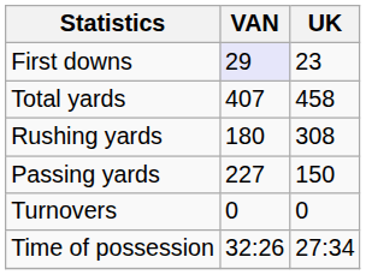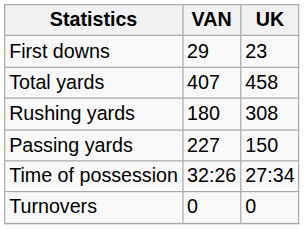 <table class="wikitable">
 <tr>
 <th>Statistics</th>
 <th>VAN</th>
 <th>UK</th>
 </tr>
 <tr>
 <td>First downs</td>
-<td style="background: lavender;">29</td>
+<td>29</td>
 <td>23</td>
 </tr>
 <tr>
 <td>Total yards</td>
 <td>407</td>
 <td>458</td>
 </tr>
 <tr>
 <td>Rushing yards</td>
 <td>180</td>
 <td>308</td>
 </tr>
 <tr>
 <td>Passing yards</td>
 <td>227</td>
 <td>150</td>
 </tr>
 <tr>
+<td>Time of possession</td>
+<td>32:26</td>
+<td>27:34</td>
+</tr>
+<tr>
 <td>Turnovers</td>
 <td>0</td>
 <td>0</td>
 </tr>
 <tr>
-<td>Time of possession</td>
-<td>32:26</td>
-<td>27:34</td>
-</tr>
-<tr>
 </tr>
 </table>
